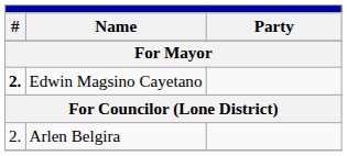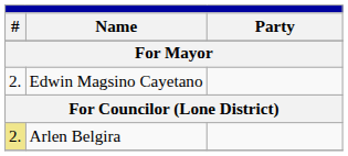 <table class="wikitable" style="font-size:90%">
 <tr>
 <td colspan="5" bgcolor="#00039f"></td>
 </tr>
 <tr>
 <th>#</th>
 <th width=150px>Name</th>
 <th colspan=2 width=110px>Party</th>
 </tr>
 <tr>
 </tr>
 <tr>
 <th colspan=5>For Mayor</th>
 </tr>
 <tr>
-<td><strong>2.</strong></td>
+<td>2.</td>
 <td>Edwin Magsino Cayetano</td>
 <td></td>
 </tr>
 <tr>
 <th colspan=5>For Councilor (Lone District)</th>
 </tr>
 <tr>
-<td>2.</td>
+<td style="background: khaki;">2.</td>
 <td>Arlen Belgira</td>
 <td></td>
 </tr>
 <tr>
 </tr>
 </table>
